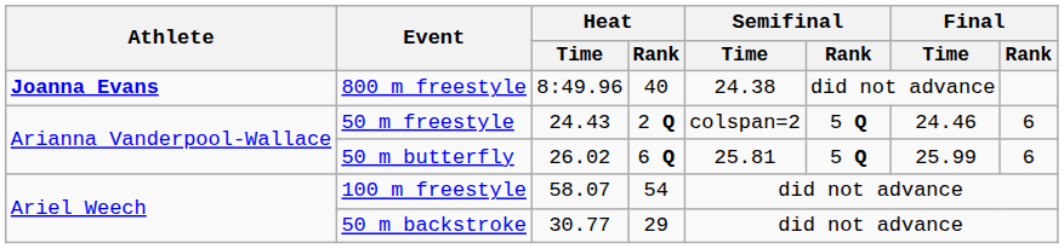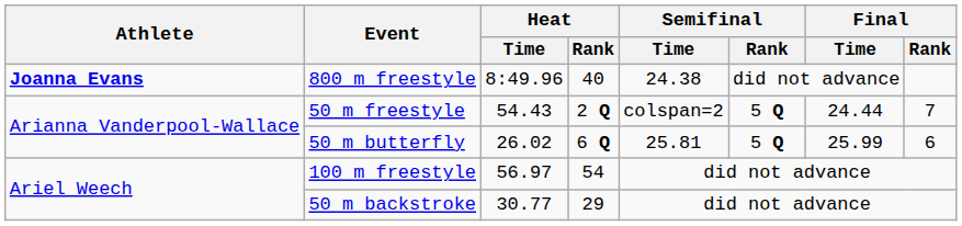 <table class=wikitable style="font-size:90%">
 <tr>
 <th rowspan="2">Athlete</th>
 <th rowspan="2">Event</th>
 <th colspan="2">Heat</th>
 <th colspan="2">Semifinal</th>
 <th colspan="2">Final</th>
 </tr>
 <tr style="font-size:95%">
 <th>Time</th>
 <th>Rank</th>
 <th>Time</th>
 <th>Rank</th>
 <th>Time</th>
 <th>Rank</th>
 </tr>
 <tr align=center>
 <td align=left><strong><a href='#'>Joanna Evans</a></strong></td>
 <td align=left><a href='#'>800 m freestyle</a></td>
 <td>8:49.96</td>
 <td>40</td>
 <td>24.38</td>
 <td colspan=2>did not advance</td>
 </tr>
 <tr align=center>
 <td align=left rowspan=2><a href='#'>Arianna Vanderpool-Wallace</a></td>
 <td align=left><a href='#'>50 m freestyle</a></td>
-<td>24.43</td>
+<td>54.43</td>
 <td>2 <strong>Q</strong></td>
 <td>colspan=2 </td>
 <td>5 <strong>Q</strong></td>
-<td>24.46</td>
-<td>6</td>
+<td>24.44</td>
+<td>7</td>
 </tr>
 <tr align=center>
 <td align=left><a href='#'>50 m butterfly</a></td>
 <td>26.02</td>
 <td>6 <strong>Q</strong></td>
 <td>25.81</td>
 <td>5 <strong>Q</strong></td>
 <td>25.99</td>
 <td>6</td>
 </tr>
 <tr align=center>
 <td align=left rowspan=2><a href='#'>Ariel Weech</a></td>
 <td align=left><a href='#'>100 m freestyle</a></td>
-<td>58.07</td>
+<td>56.97</td>
 <td>54</td>
 <td colspan=4>did not advance</td>
 </tr>
 <tr align=center>
 <td align=left><a href='#'>50 m backstroke</a></td>
 <td>30.77</td>
 <td>29</td>
 <td colspan=4>did not advance</td>
 </tr>
 </table>
